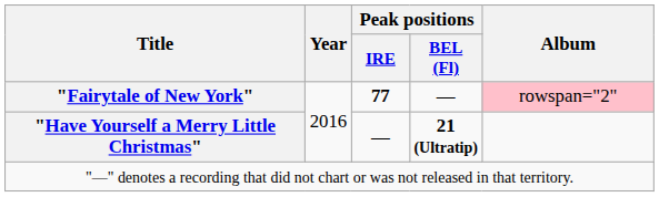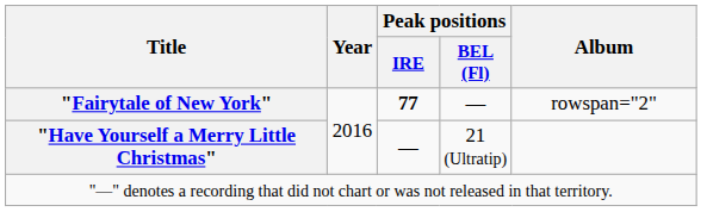 <table class="wikitable plainrowheaders" style="text-align:center;">
 <tr>
 <th rowspan="2" width="250">Title</th>
 <th rowspan="2" width="10">Year</th>
 <th colspan="2" width="20">Peak positions</th>
 <th rowspan="2" width="140">Album</th>
 </tr>
 <tr>
 <th scope="col" style="width:3em;font-size:90%;"><a href='#'>IRE</a><br></th>
 <th scope="col" style="width:3em;font-size:90%;"><a href='#'>BEL<br>(Fl)</a><br></th>
 </tr>
 <tr>
 <th scope="row">"<a href='#'>Fairytale of New York</a>"</th>
 <td rowspan="2">2016</td>
 <td><strong>77</strong></td>
 <td>—</td>
-<td style="background: pink;">rowspan="2" </td>
+<td>rowspan="2" </td>
 </tr>
 <tr>
 <th scope="row">"<a href='#'>Have Yourself a Merry Little Christmas</a>"</th>
 <td>—</td>
-<td><strong>21<br><small>(Ultratip)</small></strong></td>
+<td>21<br><small>(Ultratip)</small></td>
 </tr>
 <tr>
 <td colspan="5"><small>"—" denotes a recording that did not chart or was not released in that territory.</small></td>
 </tr>
 </table>
